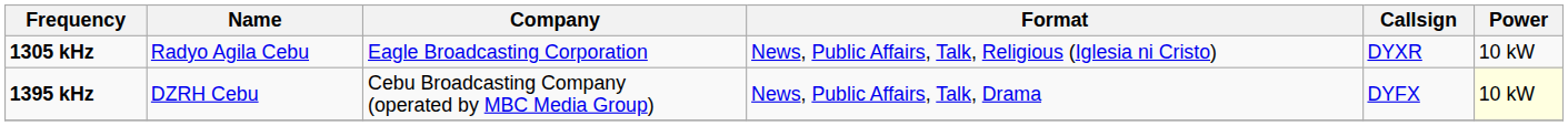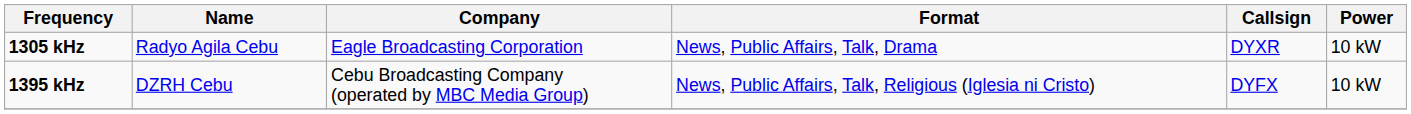 <table class="wikitable" style="width:100%" style="text-align:center;">
 <tr>
 <th>Frequency</th>
 <th>Name</th>
 <th>Company</th>
 <th>Format</th>
 <th>Callsign</th>
 <th>Power</th>
 </tr>
 <tr>
 <td><strong>1305 kHz</strong></td>
 <td><a href='#'>Radyo Agila Cebu</a></td>
 <td><a href='#'>Eagle Broadcasting Corporation</a></td>
-<td><a href='#'>News</a>, <a href='#'>Public Affairs</a>, <a href='#'>Talk</a>, <a href='#'>Religious</a> (<a href='#'>Iglesia ni Cristo</a>)</td>
+<td><a href='#'>News</a>, <a href='#'>Public Affairs</a>, <a href='#'>Talk</a>, <a href='#'>Drama</a></td>
 <td><a href='#'>DYXR</a></td>
 <td>10 kW</td>
 </tr>
 <tr>
 <td><strong>1395 kHz</strong></td>
 <td><a href='#'>DZRH Cebu</a></td>
 <td>Cebu Broadcasting Company<br>(operated by <a href='#'>MBC Media Group</a>)</td>
-<td><a href='#'>News</a>, <a href='#'>Public Affairs</a>, <a href='#'>Talk</a>, <a href='#'>Drama</a></td>
+<td><a href='#'>News</a>, <a href='#'>Public Affairs</a>, <a href='#'>Talk</a>, <a href='#'>Religious</a> (<a href='#'>Iglesia ni Cristo</a>)</td>
 <td><a href='#'>DYFX</a></td>
-<td style="background: lightyellow;">10 kW</td>
+<td>10 kW</td>
 </tr>
 <tr>
 </tr>
 </table>
